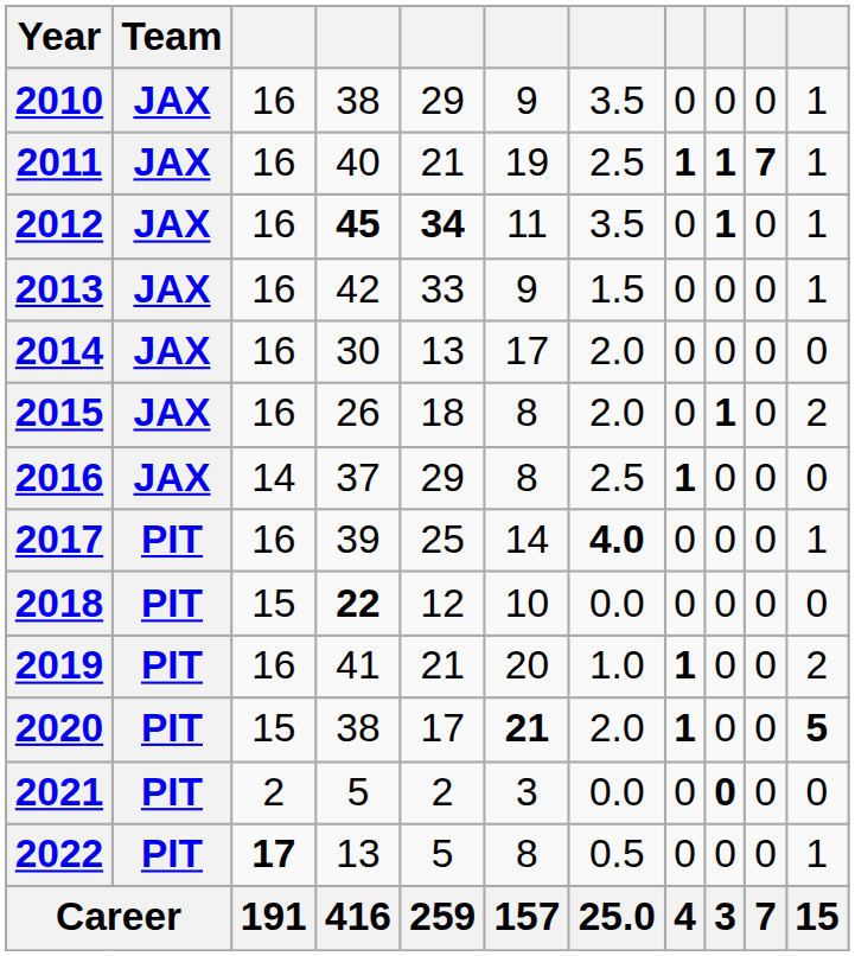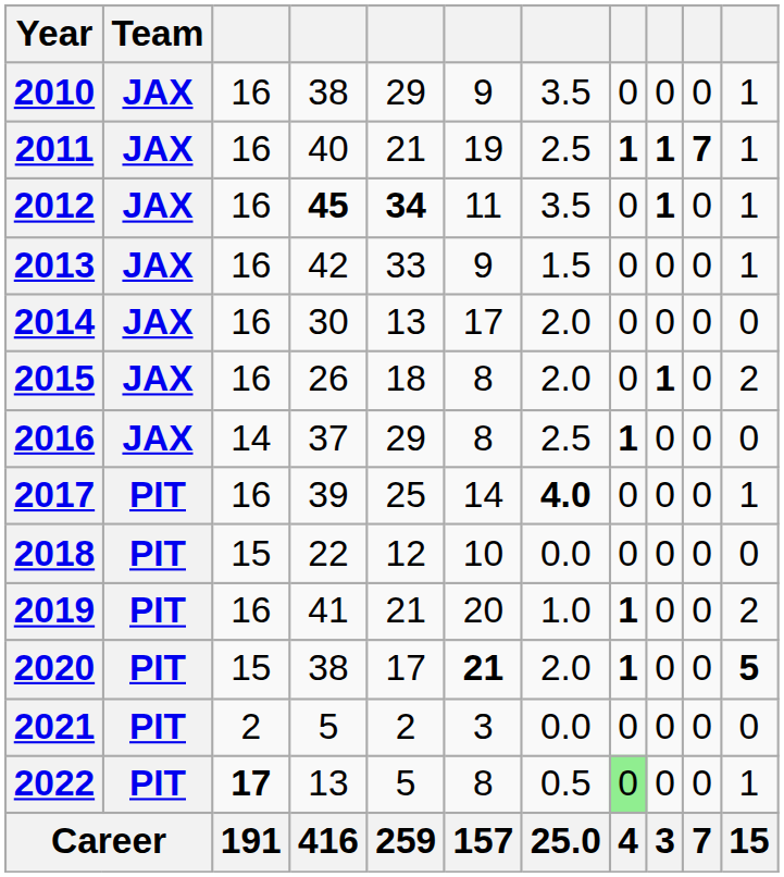 <table class="wikitable sortable" style="text-align:center">
 <tr>
 <th>Year</th>
 <th>Team</th>
 <th></th>
 <th></th>
 <th></th>
 <th></th>
 <th></th>
 <th></th>
 <th></th>
 <th></th>
 <th></th>
 </tr>
 <tr>
 <th><a href='#'>2010</a></th>
 <th><a href='#'>JAX</a></th>
 <td>16</td>
 <td>38</td>
 <td>29</td>
 <td>9</td>
 <td>3.5</td>
 <td>0</td>
 <td>0</td>
 <td>0</td>
 <td>1</td>
 </tr>
 <tr>
 <th><a href='#'>2011</a></th>
 <th><a href='#'>JAX</a></th>
 <td>16</td>
 <td>40</td>
 <td>21</td>
 <td>19</td>
 <td>2.5</td>
 <td><strong>1</strong></td>
 <td><strong>1</strong></td>
 <td><strong>7</strong></td>
 <td>1</td>
 </tr>
 <tr>
 <th><a href='#'>2012</a></th>
 <th><a href='#'>JAX</a></th>
 <td>16</td>
 <td><strong>45</strong></td>
 <td><strong>34</strong></td>
 <td>11</td>
 <td>3.5</td>
 <td>0</td>
 <td><strong>1</strong></td>
 <td>0</td>
 <td>1</td>
 </tr>
 <tr>
 <th><a href='#'>2013</a></th>
 <th><a href='#'>JAX</a></th>
 <td>16</td>
 <td>42</td>
 <td>33</td>
 <td>9</td>
 <td>1.5</td>
 <td>0</td>
 <td>0</td>
 <td>0</td>
 <td>1</td>
 </tr>
 <tr>
 <th><a href='#'>2014</a></th>
 <th><a href='#'>JAX</a></th>
 <td>16</td>
 <td>30</td>
 <td>13</td>
 <td>17</td>
 <td>2.0</td>
 <td>0</td>
 <td>0</td>
 <td>0</td>
 <td>0</td>
 </tr>
 <tr>
 <th><a href='#'>2015</a></th>
 <th><a href='#'>JAX</a></th>
 <td>16</td>
 <td>26</td>
 <td>18</td>
 <td>8</td>
 <td>2.0</td>
 <td>0</td>
 <td><strong>1</strong></td>
 <td>0</td>
 <td>2</td>
 </tr>
 <tr>
 <th><a href='#'>2016</a></th>
 <th><a href='#'>JAX</a></th>
 <td>14</td>
 <td>37</td>
 <td>29</td>
 <td>8</td>
 <td>2.5</td>
 <td><strong>1</strong></td>
 <td>0</td>
 <td>0</td>
 <td>0</td>
 </tr>
 <tr>
 <th><a href='#'>2017</a></th>
 <th><a href='#'>PIT</a></th>
 <td>16</td>
 <td>39</td>
 <td>25</td>
 <td>14</td>
 <td><strong>4.0</strong></td>
 <td>0</td>
 <td>0</td>
 <td>0</td>
 <td>1</td>
 </tr>
 <tr>
 <th><a href='#'>2018</a></th>
 <th><a href='#'>PIT</a></th>
 <td>15</td>
-<td><strong>22</strong></td>
+<td>22</td>
 <td>12</td>
 <td>10</td>
 <td>0.0</td>
 <td>0</td>
 <td>0</td>
 <td>0</td>
 <td>0</td>
 </tr>
 <tr>
 <th><a href='#'>2019</a></th>
 <th><a href='#'>PIT</a></th>
 <td>16</td>
 <td>41</td>
 <td>21</td>
 <td>20</td>
 <td>1.0</td>
 <td><strong>1</strong></td>
 <td>0</td>
 <td>0</td>
 <td>2</td>
 </tr>
 <tr>
 <th><a href='#'>2020</a></th>
 <th><a href='#'>PIT</a></th>
 <td>15</td>
 <td>38</td>
 <td>17</td>
 <td><strong>21</strong></td>
 <td>2.0</td>
 <td><strong>1</strong></td>
 <td>0</td>
 <td>0</td>
 <td><strong>5</strong></td>
 </tr>
 <tr>
 <th><a href='#'>2021</a></th>
 <th><a href='#'>PIT</a></th>
 <td>2</td>
 <td>5</td>
 <td>2</td>
 <td>3</td>
 <td>0.0</td>
 <td>0</td>
-<td><strong>0</strong></td>
+<td>0</td>
 <td>0</td>
 <td>0</td>
 </tr>
 <tr>
 <th><a href='#'>2022</a></th>
 <th><a href='#'>PIT</a></th>
 <td><strong>17</strong></td>
 <td>13</td>
 <td>5</td>
 <td>8</td>
 <td>0.5</td>
-<td>0</td>
+<td style="background: lightgreen;">0</td>
 <td>0</td>
 <td>0</td>
 <td>1</td>
 </tr>
 <tr>
 <th colspan="2">Career</th>
 <th>191</th>
 <th>416</th>
 <th>259</th>
 <th>157</th>
 <th>25.0</th>
 <th>4</th>
 <th>3</th>
 <th>7</th>
 <th>15</th>
 </tr>
 </table>
